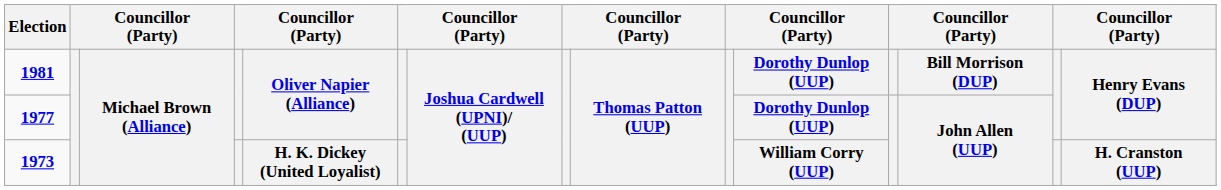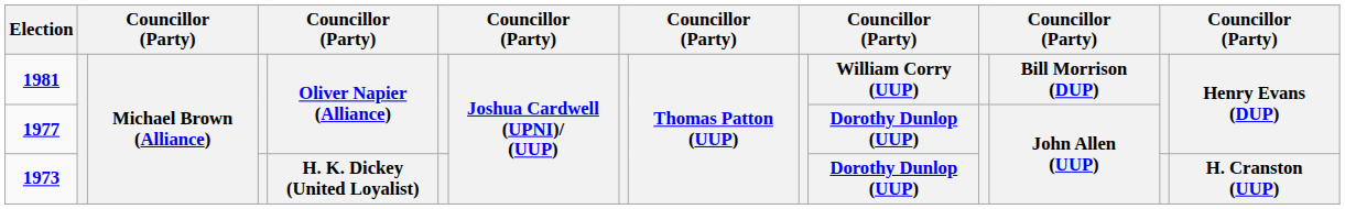 <table class="wikitable" style="text-align:center">
 <tr>
 <th scope="col" width="50">Election</th>
 <th scope="col" width="150" colspan = "2">Councillor<br> (Party)</th>
 <th scope="col" width="150" colspan = "2">Councillor<br> (Party)</th>
 <th scope="col" width="150" colspan = "2">Councillor<br> (Party)</th>
 <th scope="col" width="150" colspan = "2">Councillor<br> (Party)</th>
 <th scope="col" width="150" colspan = "2">Councillor<br> (Party)</th>
 <th scope="col" width="150" colspan = "2">Councillor<br> (Party)</th>
 <th scope="col" width="150" colspan = "2">Councillor<br> (Party)</th>
 </tr>
 <tr>
 <td><strong><a href='#'>1981</a></strong></td>
 <th rowspan="3" width="1" style="background-color: "></th>
 <th rowspan = "3">Michael Brown <br> (<a href='#'>Alliance</a>)</th>
 <th rowspan="2" width="1" style="background-color: "></th>
 <th rowspan = "2"><a href='#'>Oliver Napier</a> <br> (<a href='#'>Alliance</a>)</th>
 <th rowspan="2" width="1" style="background-color: "></th>
 <th rowspan = "3"><a href='#'>Joshua Cardwell</a> <br> (<a href='#'>UPNI</a>)/ <br> (<a href='#'>UUP</a>)</th>
 <th rowspan="3" width="1" style="background-color: "></th>
 <th rowspan = "3"><a href='#'>Thomas Patton</a> <br> (<a href='#'>UUP</a>)</th>
 <th rowspan="3" width="1" style="background-color: "></th>
-<th rowspan = "1"><a href='#'>Dorothy Dunlop</a> <br> (<a href='#'>UUP</a>)</th>
+<th rowspan = "1">William Corry <br> (<a href='#'>UUP</a>)</th>
 <th rowspan="1" width="1" style="background-color: "></th>
 <th rowspan = "1">Bill Morrison <br> (<a href='#'>DUP</a>)</th>
 <th rowspan="2" width="1" style="background-color: "></th>
 <th rowspan = "2">Henry Evans <br> (<a href='#'>DUP</a>)</th>
 </tr>
 <tr>
 <td><strong><a href='#'>1977</a></strong></td>
 <th rowspan = "1"><a href='#'>Dorothy Dunlop</a> <br> (<a href='#'>UUP</a>)</th>
 <th rowspan="2" width="1" style="background-color: "></th>
 <th rowspan = "2">John Allen <br> (<a href='#'>UUP</a>)</th>
 </tr>
 <tr>
 <td><strong><a href='#'>1973</a></strong></td>
 <th rowspan="1" width="1" style="background-color: "></th>
 <th rowspan = "1">H. K. Dickey <br> (United Loyalist)</th>
 <th rowspan="1" width="1" style="background-color: "></th>
-<th rowspan = "1">William Corry <br> (<a href='#'>UUP</a>)</th>
+<th rowspan = "1"><a href='#'>Dorothy Dunlop</a> <br> (<a href='#'>UUP</a>)</th>
 <th rowspan="1" width="1" style="background-color: "></th>
 <th rowspan = "1">H. Cranston <br> (<a href='#'>UUP</a>)</th>
 </tr>
 </table>
